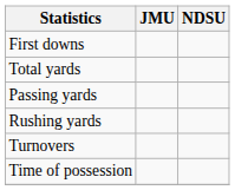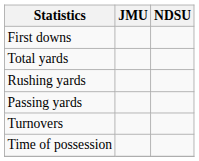 <table class="wikitable" style="float: left;">
 <tr>
 <th>Statistics</th>
 <th>JMU</th>
 <th>NDSU</th>
 </tr>
 <tr>
 <td>First downs</td>
 <td></td>
 <td></td>
 </tr>
 <tr>
 <td>Total yards</td>
 <td></td>
 <td></td>
 </tr>
 <tr>
-<td>Passing yards</td>
+<td>Rushing yards</td>
 <td></td>
 <td></td>
 </tr>
 <tr>
-<td>Rushing yards</td>
+<td>Passing yards</td>
 <td></td>
 <td></td>
 </tr>
 <tr>
 <td>Turnovers</td>
 <td></td>
 <td></td>
 </tr>
 <tr>
 <td>Time of possession</td>
 <td></td>
 <td></td>
 </tr>
 <tr>
 </tr>
 </table>
